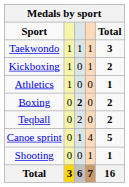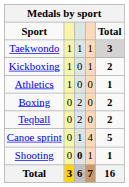 <table class="wikitable" style="font-size:95%">
 <tr style="background:#efefef;">
 <th colspan=5>Medals by sport</th>
 </tr>
 <tr align=center>
 <td><strong>Sport</strong></td>
 <td bgcolor=#f7f6a8></td>
 <td bgcolor=#dce5e5></td>
 <td bgcolor=#ffdab9></td>
 <td><strong>Total</strong></td>
 </tr>
 <tr align=center>
 <td><a href='#'>Taekwondo</a></td>
 <td style="background:#F7F6A8;">1</td>
 <td style="background:#DCE5E5;">1</td>
 <td style="background:#FFDAB9;">1</td>
-<td><strong>3</strong></td>
+<td style="background: lightgrey;"><strong>3</strong></td>
 </tr>
 <tr align=center>
 <td><a href='#'>Kickboxing</a></td>
 <td style="background:#F7F6A8;">1</td>
 <td style="background:#DCE5E5;">0</td>
 <td style="background:#FFDAB9;">1</td>
 <td><strong>2</strong></td>
 </tr>
 <tr align=center>
 <td><a href='#'>Athletics</a></td>
 <td style="background:#F7F6A8;">1</td>
 <td style="background:#DCE5E5;">0</td>
 <td style="background:#FFDAB9;">0</td>
 <td><strong>1</strong></td>
 </tr>
 <tr align=center>
 <td><a href='#'>Boxing</a></td>
 <td style="background:#F7F6A8;">0</td>
-<td style="background:#DCE5E5;"><strong>2</strong></td>
+<td style="background:#DCE5E5;">2</td>
 <td style="background:#FFDAB9;">0</td>
 <td><strong>2</strong></td>
 </tr>
 <tr align=center>
 <td><a href='#'>Teqball</a></td>
 <td style="background:#F7F6A8;">0</td>
 <td style="background:#DCE5E5;">2</td>
 <td style="background:#FFDAB9;">0</td>
 <td><strong>2</strong></td>
 </tr>
 <tr align=center>
 <td><a href='#'>Canoe sprint</a></td>
 <td style="background:#F7F6A8;">0</td>
 <td style="background:#DCE5E5;">1</td>
 <td style="background:#FFDAB9;">4</td>
 <td><strong>5</strong></td>
 </tr>
 <tr align=center>
 <td><a href='#'>Shooting</a></td>
 <td style="background:#F7F6A8;">0</td>
-<td style="background:#DCE5E5;">0</td>
+<td style="background:#DCE5E5;"><strong>0</strong></td>
 <td style="background:#FFDAB9;">1</td>
 <td><strong>1</strong></td>
 </tr>
 <tr align=center>
 <th>Total</th>
 <th style="background:gold;">3</th>
 <th style="background:silver;">6</th>
 <th style="background:#c96;">7</th>
 <th>16</th>
 </tr>
 </table>
